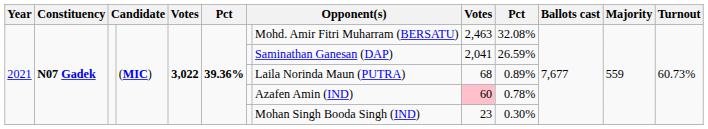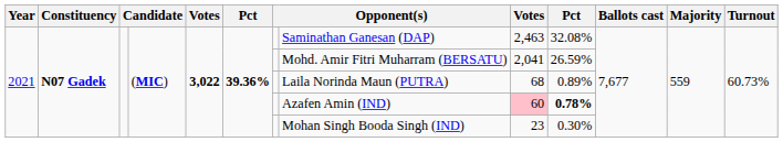 <table class="wikitable" style="margin:0.5em ; font-size:95%">
 <tr>
 <th>Year</th>
 <th>Constituency</th>
 <th colspan=2>Candidate</th>
 <th>Votes</th>
 <th>Pct</th>
 <th colspan=2>Opponent(s)</th>
 <th>Votes</th>
 <th>Pct</th>
 <th>Ballots cast</th>
 <th>Majority</th>
 <th>Turnout</th>
 </tr>
 <tr>
 <td rowspan="5"><a href='#'>2021</a></td>
 <td rowspan="5"><strong>N07 <a href='#'>Gadek</a></strong></td>
 <td rowspan="5" ></td>
 <td rowspan="5"> (<a href='#'><strong>MIC</strong></a>)</td>
 <td rowspan="5" align="right"><strong>3,022</strong></td>
 <td rowspan="5"><strong>39.36%</strong></td>
 <td></td>
-<td>Mohd. Amir Fitri Muharram (<a href='#'>BERSATU</a>)</td>
+<td><a href='#'>Saminathan Ganesan</a> (<a href='#'>DAP</a>)</td>
 <td align="right">2,463</td>
 <td>32.08%</td>
 <td rowspan=5>7,677</td>
 <td rowspan=5>559</td>
 <td rowspan=5>60.73%</td>
 </tr>
 <tr>
 <td bgcolor=></td>
-<td><a href='#'>Saminathan Ganesan</a> (<a href='#'>DAP</a>)</td>
+<td>Mohd. Amir Fitri Muharram (<a href='#'>BERSATU</a>)</td>
 <td align="right">2,041</td>
 <td>26.59%</td>
 </tr>
 <tr>
 <td></td>
 <td>Laila Norinda Maun (<a href='#'>PUTRA</a>)</td>
 <td align="right">68</td>
 <td align="right">0.89%</td>
 </tr>
 <tr>
 <td></td>
 <td>Azafen Amin (<a href='#'>IND</a>)</td>
 <td align="right" style="background: pink;">60</td>
-<td align="right">0.78%</td>
+<td align="right"><strong>0.78%</strong></td>
 </tr>
 <tr>
 <td></td>
 <td>Mohan Singh Booda Singh (<a href='#'>IND</a>)</td>
 <td align="right">23</td>
 <td align="right">0.30%</td>
 </tr>
 </table>
